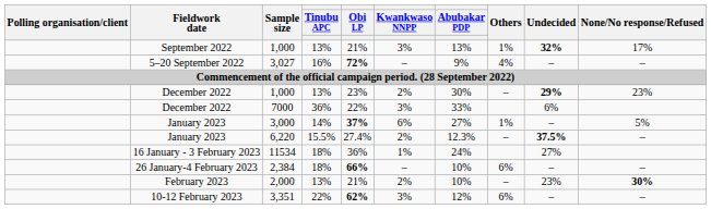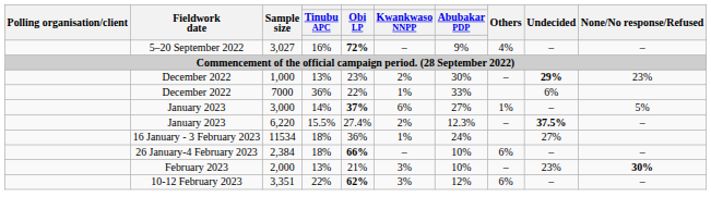 <table class="wikitable" style="text-align:center;font-size:95%;line-height:14px;">
 <tr>
 <th rowspan="3">Polling organisation/client</th>
 <th rowspan="3">Fieldwork<br>date</th>
 <th rowspan="3">Sample<br>size</th>
 <th></th>
 <th></th>
 <th></th>
 <th></th>
 <th rowspan="3">Others</th>
 <th rowspan="3">Undecided</th>
 <th rowspan="3">None/No response/Refused</th>
 </tr>
 <tr>
 <th><a href='#'>Tinubu</a><br><small><a href='#'>APC</a></small></th>
 <th><a href='#'>Obi</a><br><small><a href='#'>LP</a></small></th>
 <th><a href='#'>Kwankwaso</a><br><small><a href='#'>NNPP</a></small></th>
 <th><a href='#'>Abubakar</a><br><small><a href='#'>PDP</a></small></th>
 </tr>
 <tr>
 <th style="background:"></th>
 <th style="background:"></th>
 <th style="background:"></th>
 <th style="background:"></th>
-</tr>
-<tr>
-<td></td>
-<td>September 2022</td>
-<td>1,000</td>
-<td>13%</td>
-<td>21%</td>
-<td>3%</td>
-<td>13%</td>
-<td>1%</td>
-<td><strong>32%</strong></td>
-<td>17%</td>
 </tr>
 <tr>
 <td></td>
 <td>5–20 September 2022</td>
 <td>3,027</td>
 <td>16%</td>
 <td><strong>72%</strong></td>
 <td>–</td>
 <td>9%</td>
 <td>4%</td>
 <td>–</td>
 <td>–</td>
 </tr>
 <tr>
 <td colspan="10" align="center" style="background-color:#CECECE;"><strong>Commencement of the official campaign period. (28 September 2022)</strong></td>
 </tr>
 <tr>
 <td></td>
 <td>December 2022</td>
 <td>1,000</td>
 <td>13%</td>
 <td>23%</td>
 <td>2%</td>
 <td>30%</td>
 <td>–</td>
 <td><strong>29%</strong></td>
 <td>23%</td>
 </tr>
 <tr>
 <td></td>
 <td>December 2022</td>
 <td>7000</td>
 <td>36%</td>
 <td>22%</td>
-<td>3%</td>
+<td>1%</td>
 <td>33%</td>
 <td></td>
 <td>6%</td>
 <td></td>
 </tr>
 <tr>
 <td></td>
 <td>January 2023</td>
 <td>3,000</td>
 <td>14%</td>
 <td><strong>37%</strong></td>
 <td>6%</td>
 <td>27%</td>
 <td>1%</td>
 <td>–</td>
 <td>5%</td>
 </tr>
 <tr>
 <td></td>
 <td>January 2023</td>
 <td>6,220</td>
 <td>15.5%</td>
 <td>27.4%</td>
 <td>2%</td>
 <td>12.3%</td>
 <td>–</td>
 <td><strong>37.5%</strong></td>
 <td>–</td>
 </tr>
 <tr>
 <td></td>
 <td>16 January - 3 February 2023</td>
 <td>11534</td>
 <td>18%</td>
 <td>36%</td>
 <td>1%</td>
 <td>24%</td>
 <td></td>
 <td>27%</td>
 <td></td>
 </tr>
 <tr>
 <td></td>
 <td>26 January-4 February 2023</td>
 <td>2,384</td>
 <td>18%</td>
 <td><strong>66%</strong></td>
 <td>–</td>
 <td>10%</td>
 <td>6%</td>
 <td>–</td>
 <td>–</td>
 </tr>
 <tr>
 <td></td>
 <td>February 2023</td>
 <td>2,000</td>
 <td>13%</td>
 <td>21%</td>
-<td>2%</td>
+<td>3%</td>
 <td>10%</td>
 <td>–</td>
 <td>23%</td>
 <td><strong>30%</strong></td>
 </tr>
 <tr>
 <td></td>
 <td>10-12 February 2023</td>
 <td>3,351</td>
 <td>22%</td>
 <td><strong>62%</strong></td>
 <td>3%</td>
 <td>12%</td>
 <td>6%</td>
 <td>–</td>
 <td>–</td>
 </tr>
 </table>
